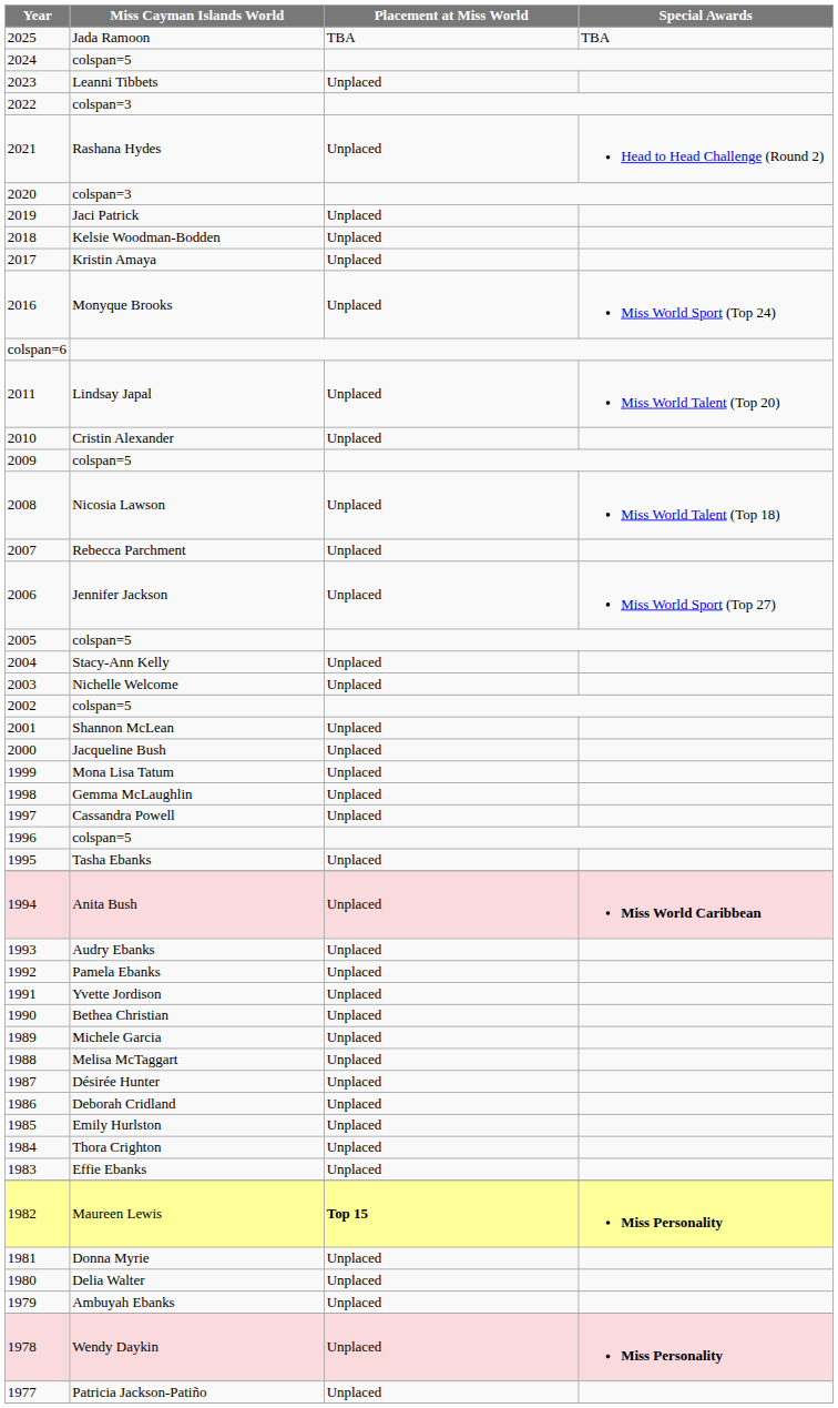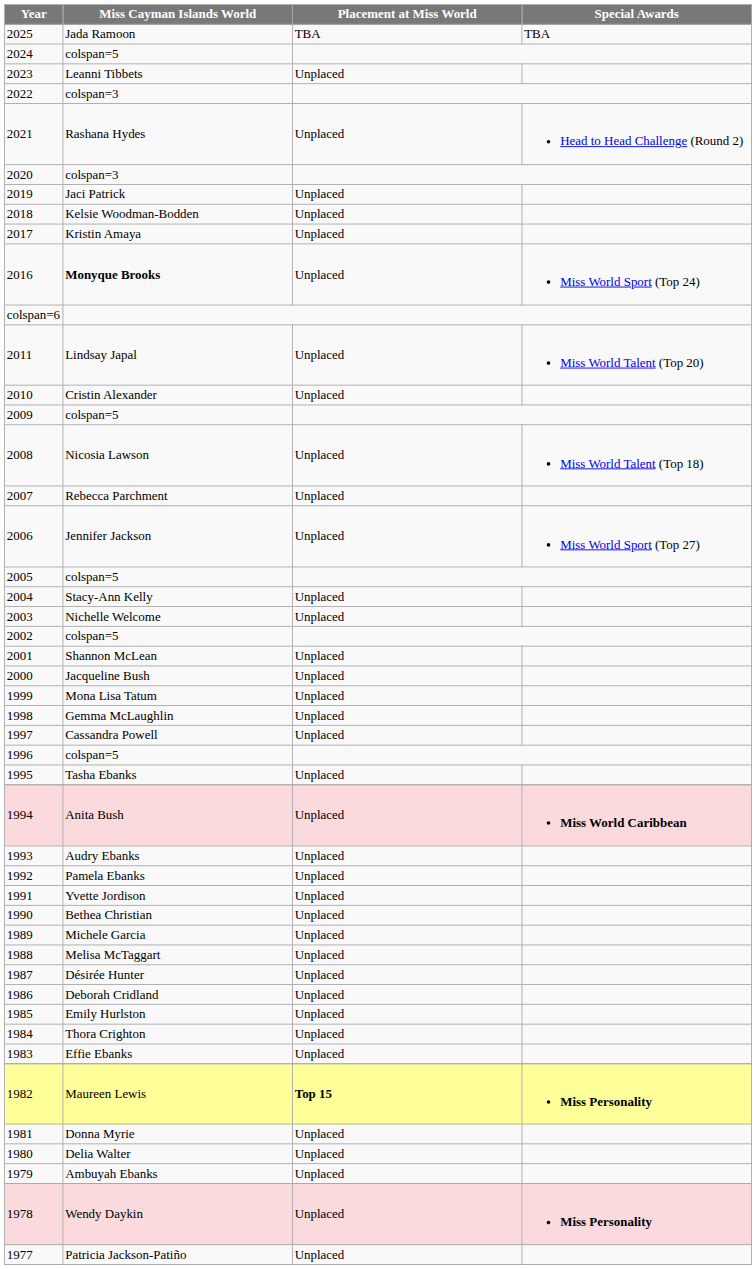 <table class="sortable" border="5" cellpadding="2" cellspacing="0" align=" 0 1em 0 0" style="background: #f9f9f9; border: 1px #aaa solid; border-collapse: collapse; font-size: 90%">
 <tr>
 <th width="60" style="background-color:#787878;color:#FFFFFF;">Year</th>
 <th width="250" style="background-color:#787878;color:#FFFFFF;">Miss Cayman Islands World</th>
 <th width="250" style="background-color:#787878;color:#FFFFFF;">Placement at Miss World</th>
 <th width="250" style="background-color:#787878;color:#FFFFFF;">Special Awards</th>
 </tr>
 <tr>
 <td>2025</td>
 <td>Jada Ramoon</td>
 <td>TBA</td>
 <td>TBA</td>
 </tr>
 <tr>
 <td>2024</td>
 <td>colspan=5 </td>
 </tr>
 <tr>
 <td>2023</td>
 <td>Leanni Tibbets</td>
 <td>Unplaced</td>
 <td></td>
 </tr>
 <tr>
 <td>2022</td>
 <td>colspan=3 </td>
 </tr>
 <tr>
 <td>2021</td>
 <td>Rashana Hydes</td>
 <td>Unplaced</td>
 <td><br><ul><li><a href='#'>Head to Head Challenge</a> (Round 2)</li></ul></td>
 </tr>
 <tr>
 <td>2020</td>
 <td>colspan=3 </td>
 </tr>
 <tr>
 <td>2019</td>
 <td>Jaci Patrick</td>
 <td>Unplaced</td>
 <td></td>
 </tr>
 <tr>
 <td>2018</td>
 <td>Kelsie Woodman-Bodden</td>
 <td>Unplaced</td>
 <td></td>
 </tr>
 <tr>
 <td>2017</td>
 <td>Kristin Amaya</td>
 <td>Unplaced</td>
 <td></td>
 </tr>
 <tr>
 <td>2016</td>
-<td>Monyque Brooks</td>
+<td><strong>Monyque Brooks</strong></td>
 <td>Unplaced</td>
 <td align="left"><br><ul><li><a href='#'>Miss World Sport</a> (Top 24)</li></ul></td>
 </tr>
 <tr>
 <td>colspan=6 </td>
 </tr>
 <tr>
 <td>2011</td>
 <td>Lindsay Japal</td>
 <td>Unplaced</td>
 <td align="left"><br><ul><li><a href='#'>Miss World Talent</a> (Top 20)</li></ul></td>
 </tr>
 <tr>
 <td>2010</td>
 <td>Cristin Alexander</td>
 <td>Unplaced</td>
 <td></td>
 </tr>
 <tr>
 <td>2009</td>
 <td>colspan=5 </td>
 </tr>
 <tr>
 <td>2008</td>
 <td>Nicosia Lawson</td>
 <td>Unplaced</td>
 <td align="left"><br><ul><li><a href='#'>Miss World Talent</a> (Top 18)</li></ul></td>
 </tr>
 <tr>
 <td>2007</td>
 <td>Rebecca Parchment</td>
 <td>Unplaced</td>
 <td></td>
 </tr>
 <tr>
 <td>2006</td>
 <td>Jennifer Jackson</td>
 <td>Unplaced</td>
 <td align="left"><br><ul><li><a href='#'>Miss World Sport</a> (Top 27)</li></ul></td>
 </tr>
 <tr>
 <td>2005</td>
 <td>colspan=5 </td>
 </tr>
 <tr>
 <td>2004</td>
 <td>Stacy-Ann Kelly</td>
 <td>Unplaced</td>
 <td></td>
 </tr>
 <tr>
 <td>2003</td>
 <td>Nichelle Welcome</td>
 <td>Unplaced</td>
 <td></td>
 </tr>
 <tr>
 <td>2002</td>
 <td>colspan=5 </td>
 </tr>
 <tr>
 <td>2001</td>
 <td>Shannon McLean</td>
 <td>Unplaced</td>
 <td></td>
 </tr>
 <tr>
 <td>2000</td>
 <td>Jacqueline Bush</td>
 <td>Unplaced</td>
 <td></td>
 </tr>
 <tr>
 <td>1999</td>
 <td>Mona Lisa Tatum</td>
 <td>Unplaced</td>
 <td></td>
 </tr>
 <tr>
 <td>1998</td>
 <td>Gemma McLaughlin</td>
 <td>Unplaced</td>
 <td></td>
 </tr>
 <tr>
 <td>1997</td>
 <td>Cassandra Powell</td>
 <td>Unplaced</td>
 <td></td>
 </tr>
 <tr>
 <td>1996</td>
 <td>colspan=5 </td>
 </tr>
 <tr>
 <td>1995</td>
 <td>Tasha Ebanks</td>
 <td>Unplaced</td>
 <td></td>
 </tr>
 <tr>
 </tr>
 <tr style="background-color:#FADADD; ">
 <td>1994</td>
 <td>Anita Bush</td>
 <td>Unplaced</td>
 <td align="left"><br><ul><li><strong>Miss World Caribbean</strong></li></ul></td>
 </tr>
 <tr>
 <td>1993</td>
 <td>Audry Ebanks</td>
 <td>Unplaced</td>
 <td></td>
 </tr>
 <tr>
 <td>1992</td>
 <td>Pamela Ebanks</td>
 <td>Unplaced</td>
 <td></td>
 </tr>
 <tr>
 <td>1991</td>
 <td>Yvette Jordison</td>
 <td>Unplaced</td>
 <td></td>
 </tr>
 <tr>
 <td>1990</td>
 <td>Bethea Christian</td>
 <td>Unplaced</td>
 <td></td>
 </tr>
 <tr>
 <td>1989</td>
 <td>Michele Garcia</td>
 <td>Unplaced</td>
 <td></td>
 </tr>
 <tr>
 <td>1988</td>
 <td>Melisa McTaggart</td>
 <td>Unplaced</td>
 <td></td>
 </tr>
 <tr>
 <td>1987</td>
 <td>Désirée Hunter</td>
 <td>Unplaced</td>
 <td></td>
 </tr>
 <tr>
 <td>1986</td>
 <td>Deborah Cridland</td>
 <td>Unplaced</td>
 <td></td>
 </tr>
 <tr>
 <td>1985</td>
 <td>Emily Hurlston</td>
 <td>Unplaced</td>
 <td></td>
 </tr>
 <tr>
 <td>1984</td>
 <td>Thora Crighton</td>
 <td>Unplaced</td>
 <td></td>
 </tr>
 <tr>
 <td>1983</td>
 <td>Effie Ebanks</td>
 <td>Unplaced</td>
 <td></td>
 </tr>
 <tr>
 </tr>
 <tr style="background-color:#FFFF99; ">
 <td>1982</td>
 <td>Maureen Lewis</td>
 <td><strong>Top 15</strong></td>
 <td align="left"><br><ul><li><strong>Miss Personality</strong></li></ul></td>
 </tr>
 <tr>
 <td>1981</td>
 <td>Donna Myrie</td>
 <td>Unplaced</td>
 <td></td>
 </tr>
 <tr>
 <td>1980</td>
 <td>Delia Walter</td>
 <td>Unplaced</td>
 <td></td>
 </tr>
 <tr>
 <td>1979</td>
 <td>Ambuyah Ebanks</td>
 <td>Unplaced</td>
 <td></td>
 </tr>
 <tr>
 </tr>
 <tr style="background-color:#FADADD; ">
 <td>1978</td>
 <td>Wendy Daykin</td>
 <td>Unplaced</td>
 <td align="left"><br><ul><li><strong>Miss Personality</strong></li></ul></td>
 </tr>
 <tr>
 <td>1977</td>
 <td>Patricia Jackson-Patiño</td>
 <td>Unplaced</td>
 <td></td>
 </tr>
 <tr>
 </tr>
 </table>
